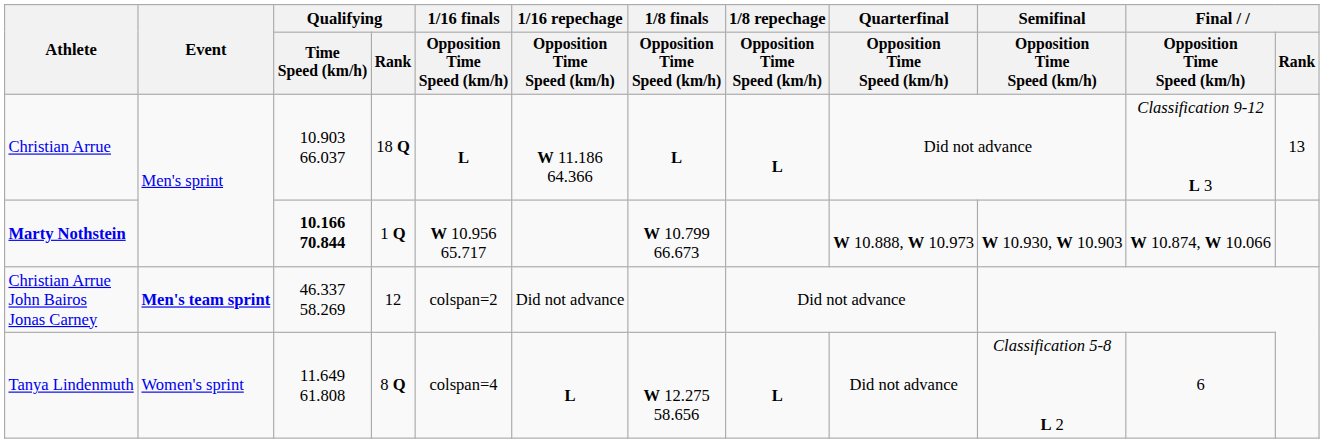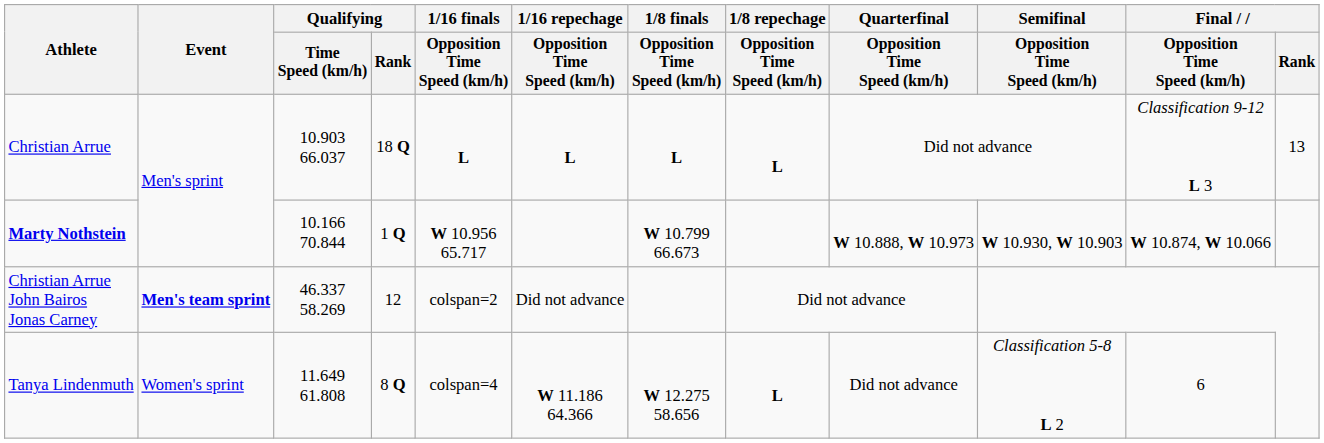 <table class=wikitable style=font-size:90%;text-align:center>
 <tr>
 <th rowspan=2>Athlete</th>
 <th rowspan=2>Event</th>
 <th colspan=2>Qualifying</th>
 <th>1/16 finals</th>
 <th>1/16 repechage</th>
 <th>1/8 finals</th>
 <th>1/8 repechage</th>
 <th>Quarterfinal</th>
 <th>Semifinal</th>
 <th colspan=2>Final /  / </th>
 </tr>
 <tr style=font-size:95%>
 <th>Time<br>Speed (km/h)</th>
 <th>Rank</th>
 <th>Opposition<br>Time<br>Speed (km/h)</th>
 <th>Opposition<br>Time<br>Speed (km/h)</th>
 <th>Opposition<br>Time<br>Speed (km/h)</th>
 <th>Opposition<br>Time<br>Speed (km/h)</th>
 <th>Opposition<br>Time<br>Speed (km/h)</th>
 <th>Opposition<br>Time<br>Speed (km/h)</th>
 <th>Opposition<br>Time<br>Speed (km/h)</th>
 <th>Rank</th>
 </tr>
 <tr>
 <td align=left><a href='#'>Christian Arrue</a></td>
 <td align=left rowspan=2><a href='#'>Men's sprint</a></td>
 <td>10.903<br>66.037</td>
 <td>18 <strong>Q</strong></td>
 <td><br><strong>L</strong></td>
-<td><br><br><strong>W</strong> 11.186<br>64.366</td>
+<td><br><strong>L</strong></td>
 <td><br><strong>L</strong></td>
 <td><br><br><strong>L</strong></td>
 <td colspan=2>Did not advance</td>
 <td><em>Classification 9-12</em><br><br><br><br><strong>L</strong> 3</td>
 <td>13</td>
 </tr>
 <tr>
 <td align=left><strong><a href='#'>Marty Nothstein</a></strong></td>
-<td><strong>10.166 <br>70.844</strong></td>
+<td>10.166 <br>70.844</td>
 <td>1 <strong>Q</strong></td>
 <td><br><strong>W</strong> 10.956<br>65.717</td>
 <td></td>
 <td><br><strong>W</strong> 10.799<br>66.673</td>
 <td></td>
 <td><br><strong>W</strong> 10.888, <strong>W</strong> 10.973</td>
 <td><br><strong>W</strong> 10.930, <strong>W</strong> 10.903</td>
 <td><br><strong>W</strong> 10.874, <strong>W</strong> 10.066</td>
 <td></td>
 </tr>
 <tr>
 <td align=left><a href='#'>Christian Arrue</a><br><a href='#'>John Bairos</a><br><a href='#'>Jonas Carney</a></td>
 <td align=left><strong><a href='#'>Men's team sprint</a></strong></td>
 <td>46.337 <br>58.269</td>
 <td>12</td>
 <td>colspan=2 </td>
 <td>Did not advance</td>
 <td></td>
 <td colspan=2>Did not advance</td>
 </tr>
 <tr>
 <td align=left><a href='#'>Tanya Lindenmuth</a></td>
 <td align=left><a href='#'>Women's sprint</a></td>
 <td>11.649 <br>61.808</td>
 <td>8 <strong>Q</strong></td>
 <td>colspan=4 </td>
-<td><br><strong>L</strong></td>
+<td><br><br><strong>W</strong> 11.186<br>64.366</td>
 <td><br><br><strong>W</strong> 12.275<br>58.656</td>
 <td><br><strong>L</strong></td>
 <td>Did not advance</td>
 <td><em>Classification 5-8</em><br><br><br><br><strong>L</strong> 2</td>
 <td>6</td>
 </tr>
 </table>
